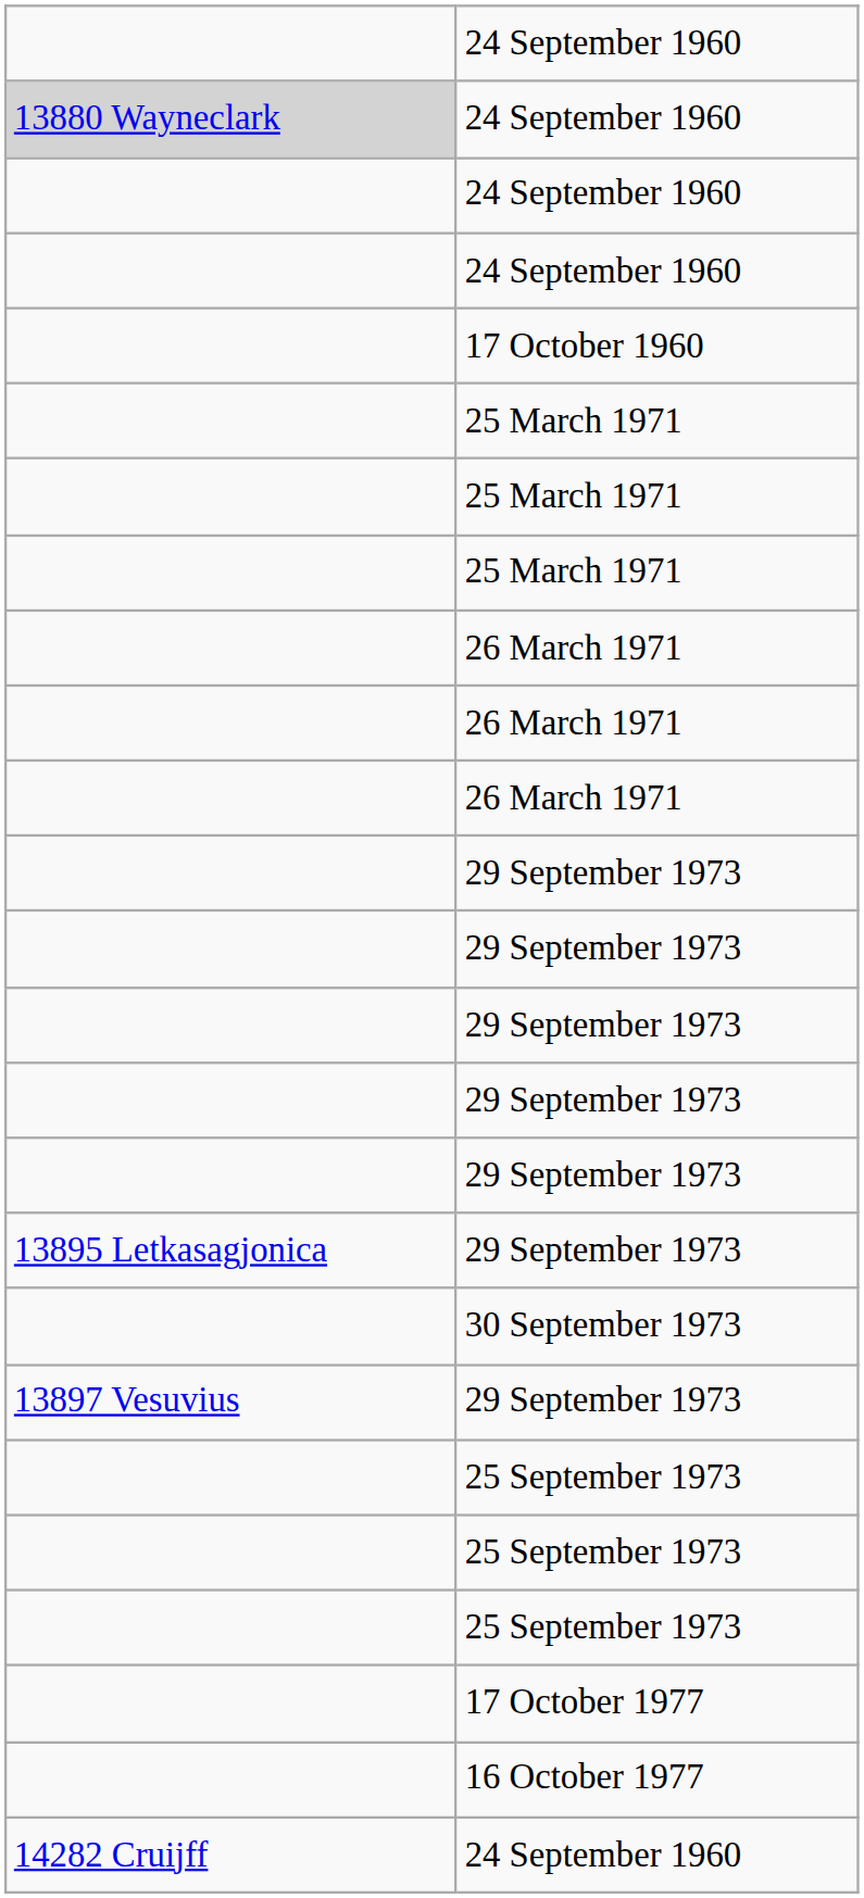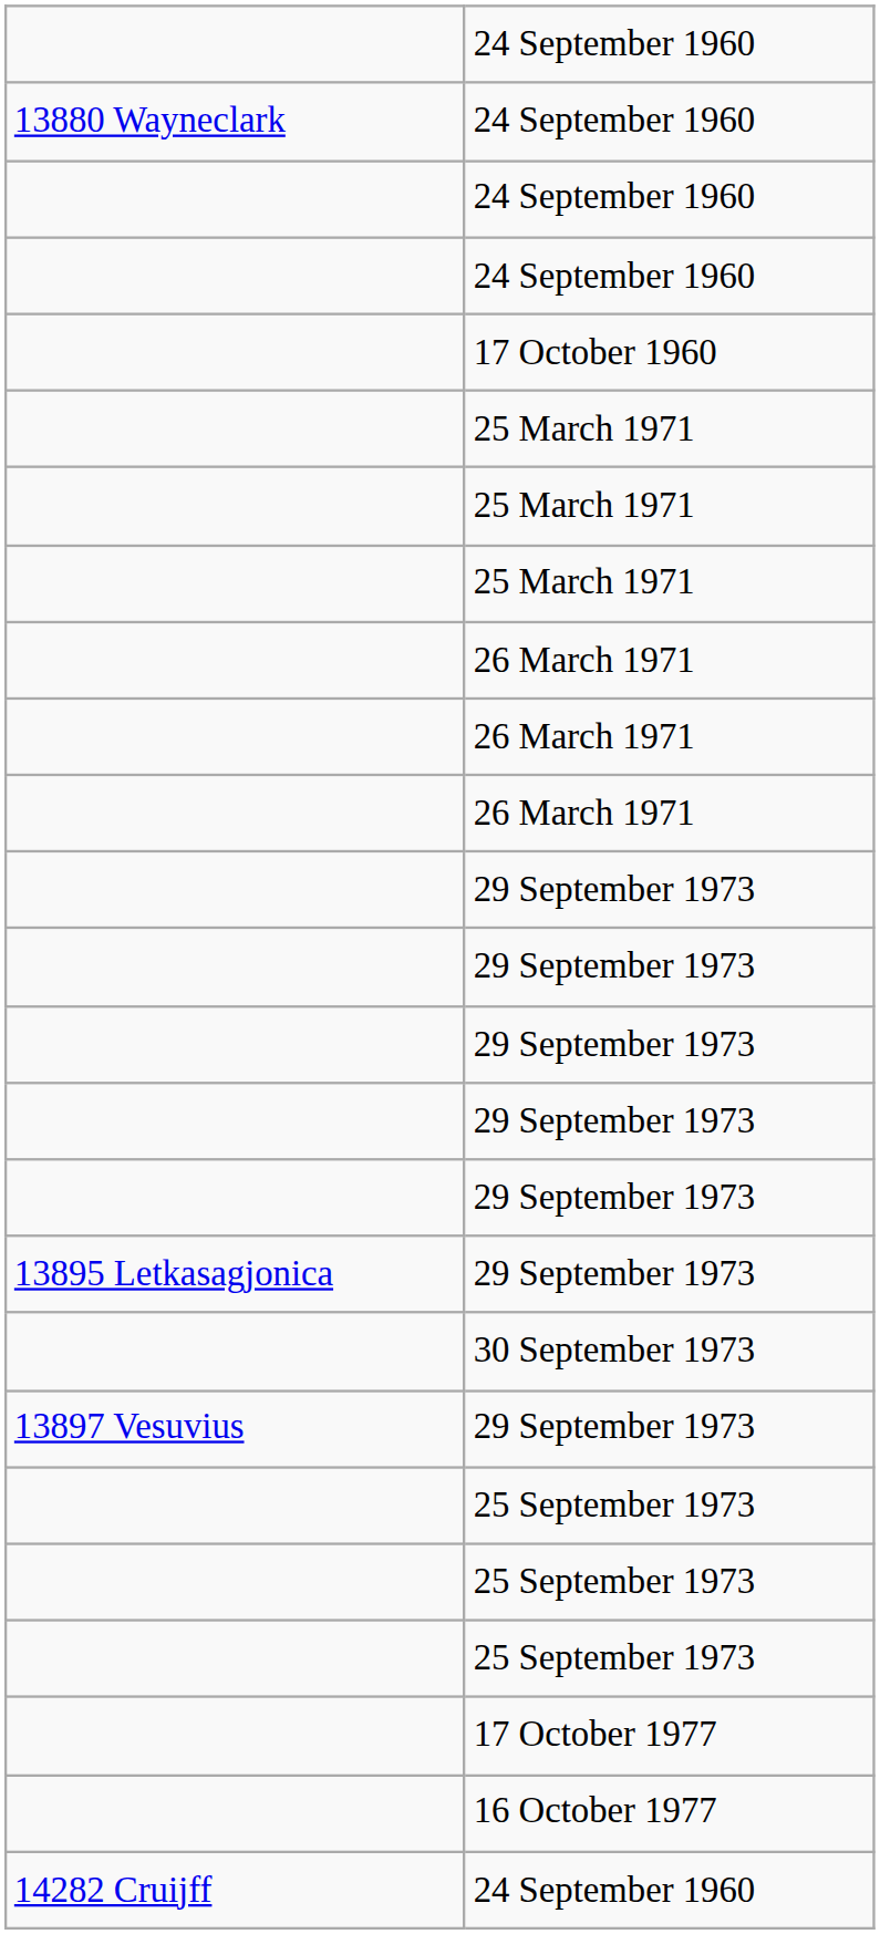 <table class="wikitable" style="font-size: 89%; float: left; width: 24em; margin-right: 1em; line-height: 1.65em">
 <tr>
 <td></td>
 <td>24 September 1960</td>
 </tr>
 <tr>
-<td style="background: lightgrey;"><a href='#'>13880 Wayneclark</a></td>
+<td><a href='#'>13880 Wayneclark</a></td>
 <td>24 September 1960</td>
 </tr>
 <tr>
 <td></td>
 <td>24 September 1960</td>
 </tr>
 <tr>
 <td></td>
 <td>24 September 1960</td>
 </tr>
 <tr>
 <td></td>
 <td>17 October 1960</td>
 </tr>
 <tr>
 <td></td>
 <td>25 March 1971</td>
 </tr>
 <tr>
 <td></td>
 <td>25 March 1971</td>
 </tr>
 <tr>
 <td></td>
 <td>25 March 1971</td>
 </tr>
 <tr>
 <td></td>
 <td>26 March 1971</td>
 </tr>
 <tr>
 <td></td>
 <td>26 March 1971</td>
 </tr>
 <tr>
 <td></td>
 <td>26 March 1971</td>
 </tr>
 <tr>
 <td></td>
 <td>29 September 1973</td>
 </tr>
 <tr>
 <td></td>
 <td>29 September 1973</td>
 </tr>
 <tr>
 <td></td>
 <td>29 September 1973</td>
 </tr>
 <tr>
 <td></td>
 <td>29 September 1973</td>
 </tr>
 <tr>
 <td></td>
 <td>29 September 1973</td>
 </tr>
 <tr>
 <td><a href='#'>13895 Letkasagjonica</a></td>
 <td>29 September 1973</td>
 </tr>
 <tr>
 <td></td>
 <td>30 September 1973</td>
 </tr>
 <tr>
 <td><a href='#'>13897 Vesuvius</a></td>
 <td>29 September 1973</td>
 </tr>
 <tr>
 <td></td>
 <td>25 September 1973</td>
 </tr>
 <tr>
 <td></td>
 <td>25 September 1973</td>
 </tr>
 <tr>
 <td></td>
 <td>25 September 1973</td>
 </tr>
 <tr>
 <td></td>
 <td>17 October 1977</td>
 </tr>
 <tr>
 <td></td>
 <td>16 October 1977</td>
 </tr>
 <tr>
 <td><a href='#'>14282 Cruijff</a></td>
 <td>24 September 1960</td>
 </tr>
 </table>
